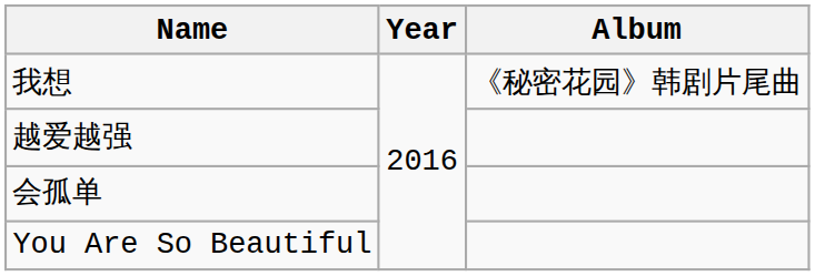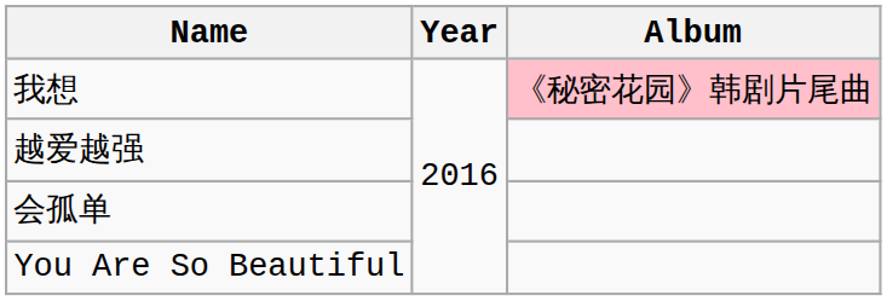 <table class="wikitable">
 <tr>
 <th>Name</th>
 <th>Year</th>
 <th>Album</th>
 </tr>
 <tr>
 <td>我想</td>
 <td rowspan="4">2016</td>
-<td>《秘密花园》韩剧片尾曲</td>
+<td style="background: pink;">《秘密花园》韩剧片尾曲</td>
 </tr>
 <tr>
 <td>越爱越强</td>
 <td></td>
 </tr>
 <tr>
 <td>会孤单</td>
 <td></td>
 </tr>
 <tr>
 <td>You Are So Beautiful</td>
 <td></td>
 </tr>
 </table>
